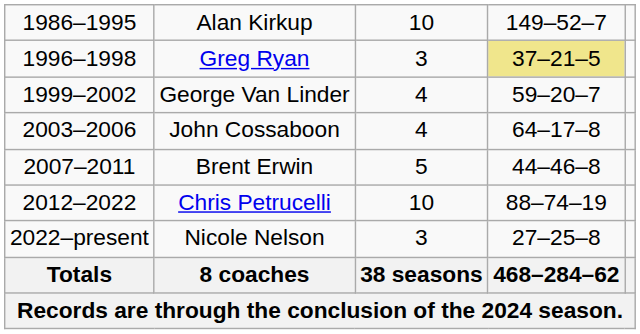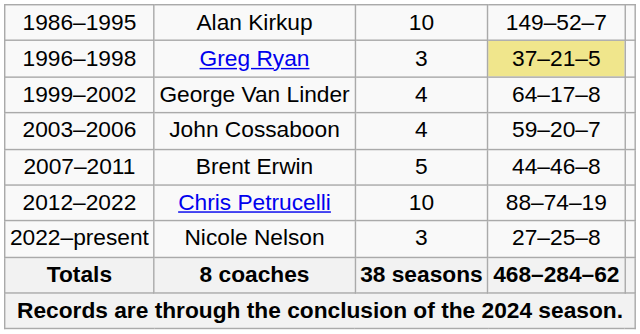 <table class="wikitable">
 <tr align="center">
 <td>1986–1995</td>
 <td>Alan Kirkup</td>
 <td>10</td>
 <td>149–52–7</td>
 <td></td>
 </tr>
 <tr align="center">
 <td>1996–1998</td>
 <td><a href='#'>Greg Ryan</a></td>
 <td>3</td>
 <td style="background: khaki;">37–21–5</td>
 <td></td>
 </tr>
 <tr align="center">
 <td>1999–2002</td>
 <td>George Van Linder</td>
 <td>4</td>
-<td>59–20–7</td>
+<td>64–17–8</td>
 <td></td>
 </tr>
 <tr align="center">
 <td>2003–2006</td>
 <td>John Cossaboon</td>
 <td>4</td>
-<td>64–17–8</td>
+<td>59–20–7</td>
 <td></td>
 </tr>
 <tr align="center">
 <td>2007–2011</td>
 <td>Brent Erwin</td>
 <td>5</td>
 <td>44–46–8</td>
 <td></td>
 </tr>
 <tr align="center">
 <td>2012–2022</td>
 <td><a href='#'>Chris Petrucelli</a></td>
 <td>10</td>
 <td>88–74–19</td>
 <td></td>
 </tr>
 <tr align="center">
 <td>2022–present</td>
 <td>Nicole Nelson</td>
 <td>3</td>
 <td>27–25–8</td>
 <td></td>
 </tr>
 <tr align="center" class="sortbottom">
 <th>Totals</th>
 <th>8 coaches</th>
 <th>38 seasons</th>
 <th>468–284–62</th>
 <th><strong></strong></th>
 </tr>
 <tr>
 <th colSpan="5" align="center">Records are through the conclusion of the 2024 season.</th>
 </tr>
 </table>
